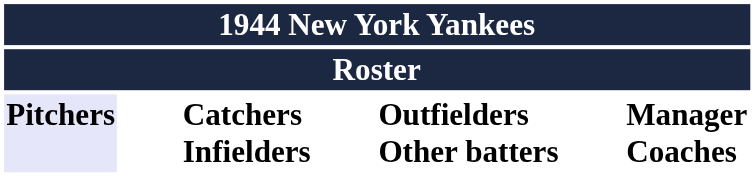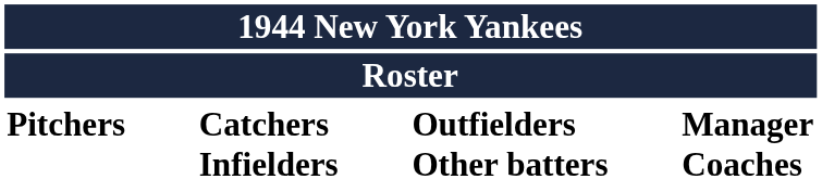 <table class="toccolours" style="font-size: 95%;">
 <tr>
 <th colspan="10" style="background-color: #1c2841; color: white; text-align: center;">1944 New York Yankees</th>
 </tr>
 <tr>
 <td colspan="10" style="background-color: #1c2841; color: white; text-align: center;"><strong>Roster</strong></td>
 </tr>
 <tr>
-<td valign="top" style="background: lavender;"><strong>Pitchers</strong><br>            </td>
+<td valign="top"><strong>Pitchers</strong><br>            </td>
 <td width="25px"></td>
 <td valign="top"><strong>Catchers</strong><br>    <strong>Infielders</strong>      </td>
 <td width="25px"></td>
 <td valign="top"><strong>Outfielders</strong><br>        <strong>Other batters</strong> </td>
 <td width="25px"></td>
 <td valign="top"><strong>Manager</strong><br> <strong>Coaches</strong>    </td>
 </tr>
 </table>
